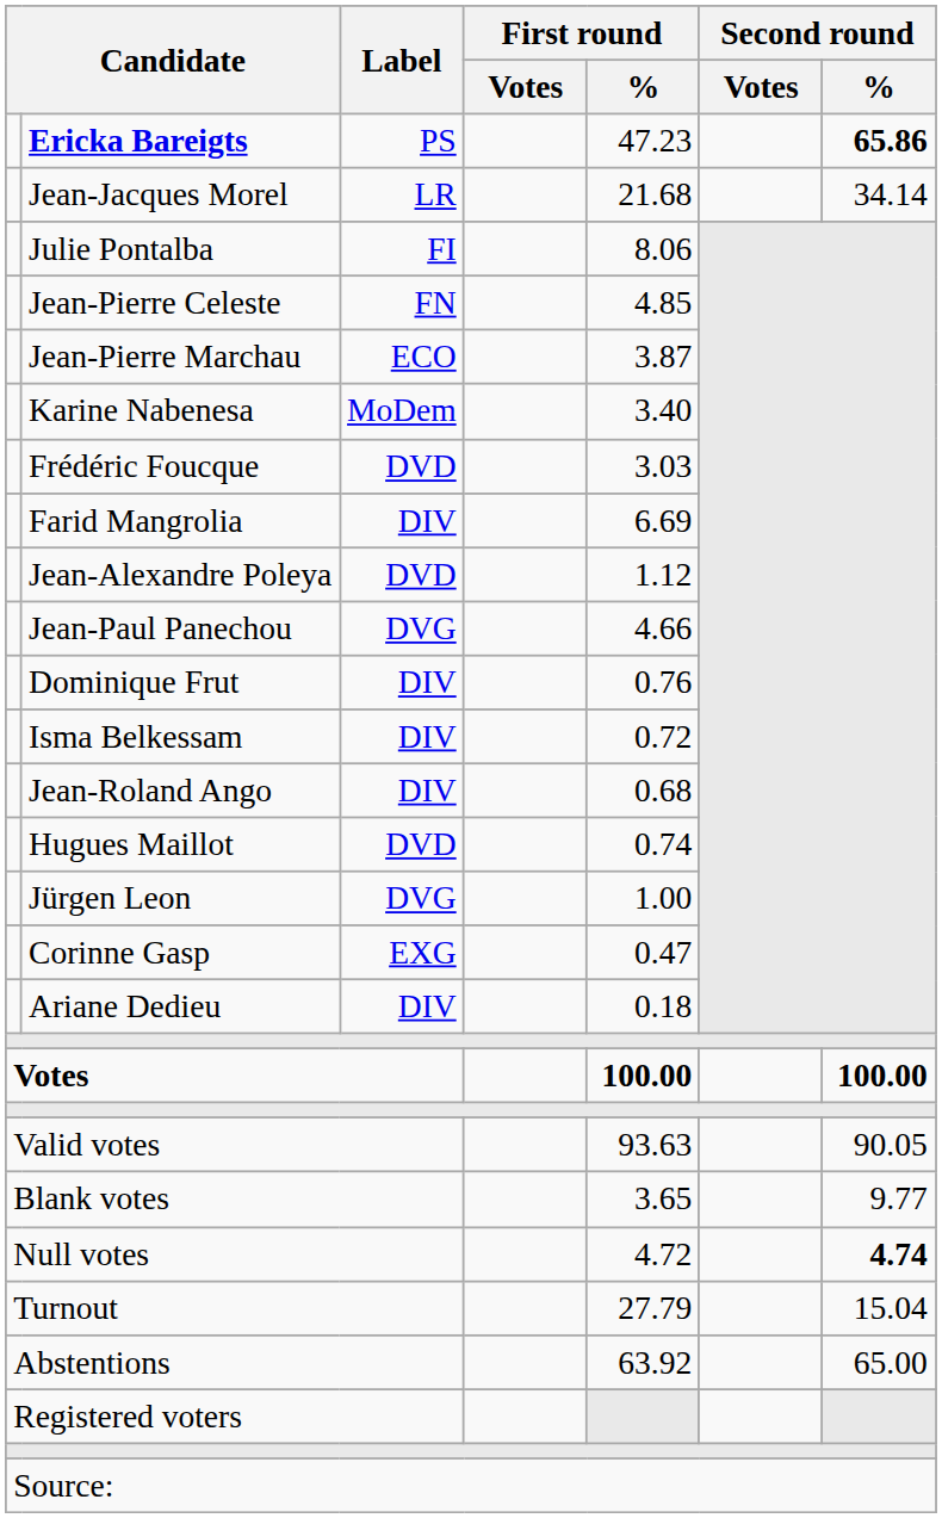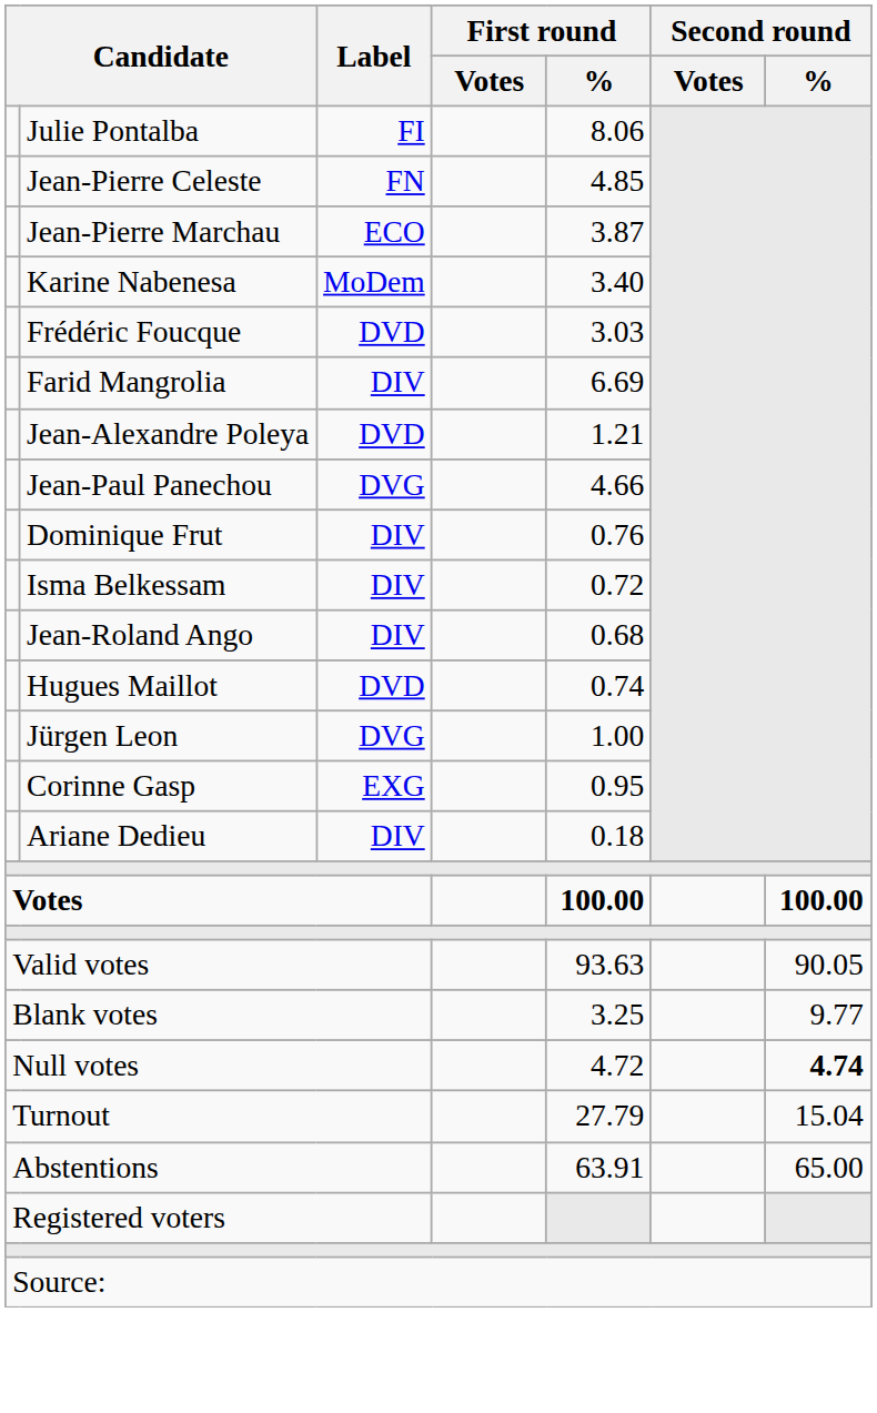 <table class="wikitable" style="text-align:right;font-size:95%;">
 <tr>
 <th rowspan="2" colspan="2">Candidate</th>
 <th rowspan="2">Label</th>
 <th colspan="2">First round</th>
 <th colspan="2">Second round</th>
 </tr>
 <tr>
 <th style="width:50px;">Votes</th>
 <th style="width:45px;">%</th>
 <th style="width:50px;">Votes</th>
 <th style="width:45px;">%</th>
-</tr>
-<tr>
-<td style="color:inherit;background:"></td>
-<td style="text-align:left;"><strong><a href='#'>Ericka Bareigts</a></strong></td>
-<td><a href='#'>PS</a></td>
-<td></td>
-<td>47.23</td>
-<td><strong></strong></td>
-<td><strong>65.86</strong></td>
-</tr>
-<tr>
-<td style="color:inherit;background:"></td>
-<td style="text-align:left;">Jean-Jacques Morel</td>
-<td><a href='#'>LR</a></td>
-<td></td>
-<td>21.68</td>
-<td></td>
-<td>34.14</td>
 </tr>
 <tr>
 <td style="color:inherit;background:"></td>
 <td style="text-align:left;">Julie Pontalba</td>
 <td><a href='#'>FI</a></td>
 <td></td>
 <td>8.06</td>
 <td colspan="2" rowspan="15" style="background:#E9E9E9;"></td>
 </tr>
 <tr>
 <td style="color:inherit;background:"></td>
 <td style="text-align:left;">Jean-Pierre Celeste</td>
 <td><a href='#'>FN</a></td>
 <td></td>
 <td>4.85</td>
 </tr>
 <tr>
 <td style="color:inherit;background:"></td>
 <td style="text-align:left;">Jean-Pierre Marchau</td>
 <td><a href='#'>ECO</a></td>
 <td></td>
 <td>3.87</td>
 </tr>
 <tr>
 <td style="color:inherit;background:"></td>
 <td style="text-align:left;">Karine Nabenesa</td>
 <td><a href='#'>MoDem</a></td>
 <td></td>
 <td>3.40</td>
 </tr>
 <tr>
 <td style="color:inherit;background:"></td>
 <td style="text-align:left;">Frédéric Foucque</td>
 <td><a href='#'>DVD</a></td>
 <td></td>
 <td>3.03</td>
 </tr>
 <tr>
 <td style="color:inherit;background:"></td>
 <td style="text-align:left;">Farid Mangrolia</td>
 <td><a href='#'>DIV</a></td>
 <td></td>
 <td>6.69</td>
 </tr>
 <tr>
 <td style="color:inherit;background:"></td>
 <td style="text-align:left;">Jean-Alexandre Poleya</td>
 <td><a href='#'>DVD</a></td>
 <td></td>
-<td>1.12</td>
+<td>1.21</td>
 </tr>
 <tr>
 <td style="color:inherit;background:"></td>
 <td style="text-align:left;">Jean-Paul Panechou</td>
 <td><a href='#'>DVG</a></td>
 <td></td>
 <td>4.66</td>
 </tr>
 <tr>
 <td style="color:inherit;background:"></td>
 <td style="text-align:left;">Dominique Frut</td>
 <td><a href='#'>DIV</a></td>
 <td></td>
 <td>0.76</td>
 </tr>
 <tr>
 <td style="color:inherit;background:"></td>
 <td style="text-align:left;">Isma Belkessam</td>
 <td><a href='#'>DIV</a></td>
 <td></td>
 <td>0.72</td>
 </tr>
 <tr>
 <td style="color:inherit;background:"></td>
 <td style="text-align:left;">Jean-Roland Ango</td>
 <td><a href='#'>DIV</a></td>
 <td></td>
 <td>0.68</td>
 </tr>
 <tr>
 <td style="color:inherit;background:"></td>
 <td style="text-align:left;">Hugues Maillot</td>
 <td><a href='#'>DVD</a></td>
 <td></td>
 <td>0.74</td>
 </tr>
 <tr>
 <td style="color:inherit;background:"></td>
 <td style="text-align:left;">Jürgen Leon</td>
 <td><a href='#'>DVG</a></td>
 <td></td>
 <td>1.00</td>
 </tr>
 <tr>
 <td style="color:inherit;background:"></td>
 <td style="text-align:left;">Corinne Gasp</td>
 <td><a href='#'>EXG</a></td>
 <td></td>
-<td>0.47</td>
+<td>0.95</td>
 </tr>
 <tr>
 <td style="color:inherit;background:"></td>
 <td style="text-align:left;">Ariane Dedieu</td>
 <td><a href='#'>DIV</a></td>
 <td></td>
 <td>0.18</td>
 </tr>
 <tr>
 <td colspan="7" style="background:#E9E9E9;"></td>
 </tr>
 <tr style="font-weight:bold;">
 <td colspan="3" style="text-align:left;">Votes</td>
 <td></td>
 <td>100.00</td>
 <td></td>
 <td>100.00</td>
 </tr>
 <tr>
 <td colspan="7" style="background:#E9E9E9;"></td>
 </tr>
 <tr>
 <td colspan="3" style="text-align:left;">Valid votes</td>
 <td></td>
 <td>93.63</td>
 <td></td>
 <td>90.05</td>
 </tr>
 <tr>
 <td colspan="3" style="text-align:left;">Blank votes</td>
 <td></td>
-<td>3.65</td>
+<td>3.25</td>
 <td></td>
 <td>9.77</td>
 </tr>
 <tr>
 <td colspan="3" style="text-align:left;">Null votes</td>
 <td></td>
 <td>4.72</td>
 <td></td>
 <td><strong>4.74</strong></td>
 </tr>
 <tr>
 <td colspan="3" style="text-align:left;">Turnout</td>
 <td></td>
 <td>27.79</td>
 <td></td>
 <td>15.04</td>
 </tr>
 <tr>
 <td colspan="3" style="text-align:left;">Abstentions</td>
 <td></td>
-<td>63.92</td>
+<td>63.91</td>
 <td></td>
 <td>65.00</td>
 </tr>
 <tr>
 <td colspan="3" style="text-align:left;">Registered voters</td>
 <td></td>
 <td style="background:#E9E9E9;"></td>
 <td></td>
 <td style="background:#E9E9E9;"></td>
 </tr>
 <tr>
 <td colspan="7" style="background:#E9E9E9;"></td>
 </tr>
 <tr>
 <td colspan="7" style="text-align:left;">Source:</td>
 </tr>
 </table>
